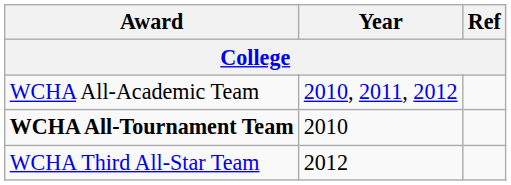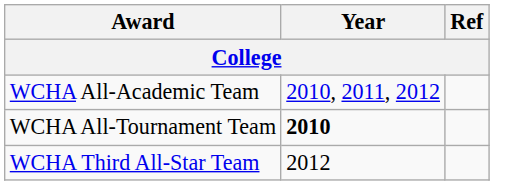 <table class="wikitable">
 <tr>
 <th>Award</th>
 <th>Year</th>
 <th>Ref</th>
 </tr>
 <tr>
 <th colspan="3"><a href='#'>College</a></th>
 </tr>
 <tr>
 <td><a href='#'>WCHA</a> All-Academic Team</td>
 <td><a href='#'>2010</a>, <a href='#'>2011</a>, <a href='#'>2012</a></td>
 <td></td>
 </tr>
 <tr>
-<td><strong>WCHA All-Tournament Team</strong></td>
-<td>2010</td>
+<td>WCHA All-Tournament Team</td>
+<td><strong>2010</strong></td>
 <td></td>
 </tr>
 <tr>
 <td><a href='#'>WCHA Third All-Star Team</a></td>
 <td>2012</td>
 <td></td>
 </tr>
 </table>
